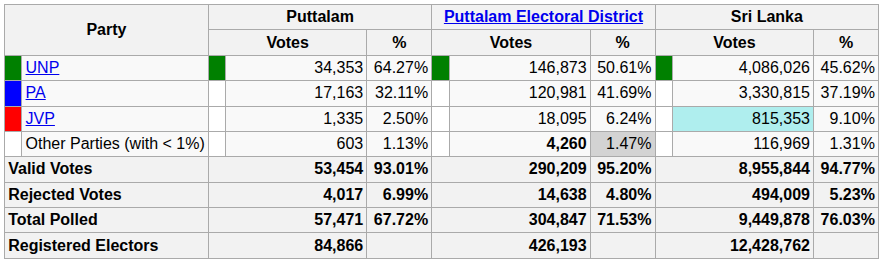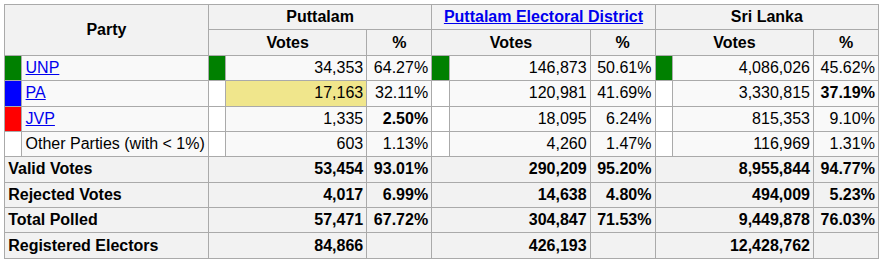 <table class="wikitable">
 <tr>
 <th colspan="2" width="144px"rowspan="2">Party</th>
 <th colspan="3" width="216px">Puttalam</th>
 <th colspan="3" width="216px"><a href='#'>Puttalam Electoral District</a></th>
 <th colspan="3" width="216px">Sri Lanka</th>
 </tr>
 <tr>
 <th colspan="2" width="144px">Votes</th>
 <th>%</th>
 <th colspan="2" width="144px">Votes</th>
 <th>%</th>
 <th colspan="2" width="144px">Votes</th>
 <th>%</th>
 </tr>
 <tr>
 <td style="background-color:green;" width="10px"></td>
 <td style="text-align:left;"><a href='#'>UNP</a></td>
 <td style="background-color:green;" width="10px"></td>
 <td style="text-align:right;">34,353</td>
 <td style="text-align:right;">64.27%</td>
 <td style="background-color:green;" width="10px"></td>
 <td style="text-align:right;">146,873</td>
 <td style="text-align:right;">50.61%</td>
 <td style="background-color:green;" width="10px"></td>
 <td style="text-align:right;">4,086,026</td>
 <td style="text-align:right;">45.62%</td>
 </tr>
 <tr>
 <td style="background-color:blue;" width="10px"></td>
 <td style="text-align:left;"><a href='#'>PA</a></td>
 <td style="background-color:white;" width="10px"></td>
-<td style="text-align:right;">17,163</td>
+<td style="background: khaki; text-align:right;">17,163</td>
 <td style="text-align:right;">32.11%</td>
 <td style="background-color:white;" width="10px"></td>
 <td style="text-align:right;">120,981</td>
 <td style="text-align:right;">41.69%</td>
 <td style="background-color:white;" width="10px"></td>
 <td style="text-align:right;">3,330,815</td>
-<td style="text-align:right;">37.19%</td>
+<td style="text-align:right;"><strong>37.19%</strong></td>
 </tr>
 <tr>
 <td style="background-color:red;" width="10px"></td>
 <td style="text-align:left;"><a href='#'>JVP</a></td>
 <td style="background-color:white;" width="10px"></td>
 <td style="text-align:right;">1,335</td>
-<td style="text-align:right;">2.50%</td>
+<td style="text-align:right;"><strong>2.50%</strong></td>
 <td style="background-color:white;" width="10px"></td>
 <td style="text-align:right;">18,095</td>
 <td style="text-align:right;">6.24%</td>
 <td style="background-color:white;" width="10px"></td>
-<td style="background: paleturquoise; text-align:right;">815,353</td>
+<td style="text-align:right;">815,353</td>
 <td style="text-align:right;">9.10%</td>
 </tr>
 <tr>
 <td style="background-color:white;" width="10px"></td>
 <td style="text-align:left;">Other Parties (with < 1%)</td>
 <td style="background-color:white;" width="10px"></td>
 <td style="text-align:right;">603</td>
 <td style="text-align:right;">1.13%</td>
 <td style="background-color:white;" width="10px"></td>
-<td style="text-align:right;"><strong>4,260</strong></td>
-<td style="background: lightgrey; text-align:right;">1.47%</td>
+<td style="text-align:right;">4,260</td>
+<td style="text-align:right;">1.47%</td>
 <td style="background-color:white;" width="10px"></td>
 <td style="text-align:right;">116,969</td>
 <td style="text-align:right;">1.31%</td>
 </tr>
 <tr>
 <th colspan="2" width="144px"style="text-align:left;">Valid Votes</th>
 <th style="text-align:right;"colspan="2" width="144px">53,454</th>
 <th style="text-align:right;">93.01%</th>
 <th style="text-align:right;"colspan="2" width="144px">290,209</th>
 <th style="text-align:right;">95.20%</th>
 <th style="text-align:right;"colspan="2" width="144px">8,955,844</th>
 <th style="text-align:right;">94.77%</th>
 </tr>
 <tr>
 <th colspan="2" width="144px"style="text-align:left;">Rejected Votes</th>
 <th style="text-align:right;"colspan="2" width="144px">4,017</th>
 <th style="text-align:right;">6.99%</th>
 <th style="text-align:right;"colspan="2" width="144px">14,638</th>
 <th style="text-align:right;">4.80%</th>
 <th style="text-align:right;"colspan="2" width="144px">494,009</th>
 <th style="text-align:right;">5.23%</th>
 </tr>
 <tr>
 <th colspan="2" width="144px"style="text-align:left;">Total Polled</th>
 <th style="text-align:right;"colspan="2" width="144px">57,471</th>
 <th style="text-align:right;">67.72%</th>
 <th style="text-align:right;"colspan="2" width="144px">304,847</th>
 <th style="text-align:right;">71.53%</th>
 <th style="text-align:right;"colspan="2" width="144px">9,449,878</th>
 <th style="text-align:right;">76.03%</th>
 </tr>
 <tr>
 <th colspan="2" width="144px"style="text-align:left;">Registered Electors</th>
 <th style="text-align:right;"colspan="2" width="144px">84,866</th>
 <th></th>
 <th style="text-align:right;"colspan="2" width="144px">426,193</th>
 <th></th>
 <th style="text-align:right;"colspan="2" width="144px">12,428,762</th>
 <th></th>
 </tr>
 </table>
